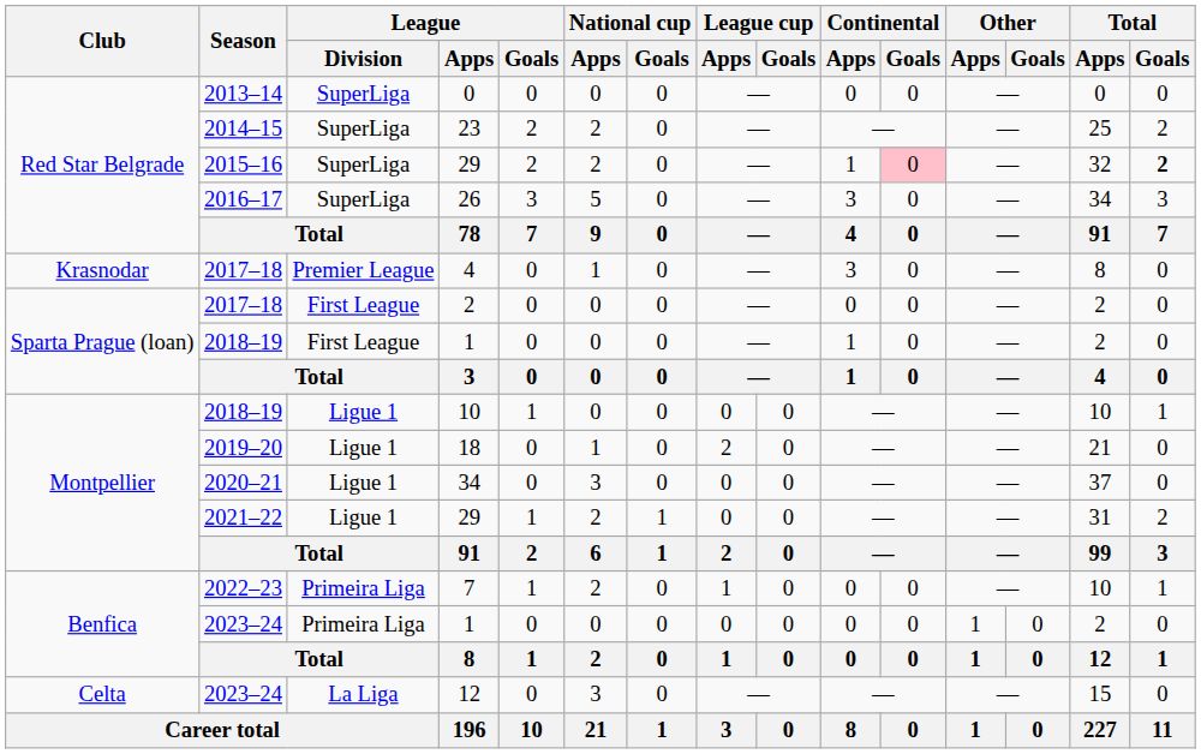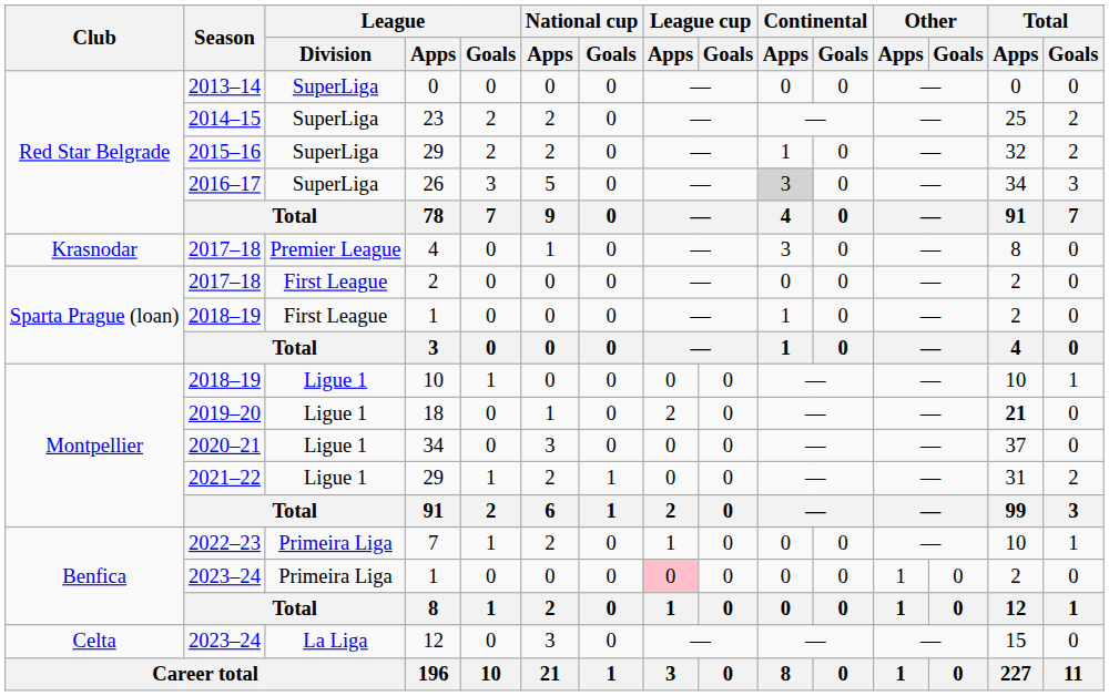 <table class="wikitable" style="text-align: center">
 <tr>
 <th rowspan="2">Club</th>
 <th rowspan="2">Season</th>
 <th colspan="3">League</th>
 <th colspan="2">National cup</th>
 <th colspan="2">League cup</th>
 <th colspan="2">Continental</th>
 <th colspan="2">Other</th>
 <th colspan="2">Total</th>
 </tr>
 <tr>
 <th>Division</th>
 <th>Apps</th>
 <th>Goals</th>
 <th>Apps</th>
 <th>Goals</th>
 <th>Apps</th>
 <th>Goals</th>
 <th>Apps</th>
 <th>Goals</th>
 <th>Apps</th>
 <th>Goals</th>
 <th>Apps</th>
 <th>Goals</th>
 </tr>
 <tr>
 <td rowspan="5"><a href='#'>Red Star Belgrade</a></td>
 <td><a href='#'>2013–14</a></td>
 <td><a href='#'>SuperLiga</a></td>
 <td>0</td>
 <td>0</td>
 <td>0</td>
 <td>0</td>
 <td colspan="2">—</td>
 <td>0</td>
 <td>0</td>
 <td colspan="2">—</td>
 <td>0</td>
 <td>0</td>
 </tr>
 <tr>
 <td><a href='#'>2014–15</a></td>
 <td>SuperLiga</td>
 <td>23</td>
 <td>2</td>
 <td>2</td>
 <td>0</td>
 <td colspan="2">—</td>
 <td colspan="2">—</td>
 <td colspan="2">—</td>
 <td>25</td>
 <td>2</td>
 </tr>
 <tr>
 <td><a href='#'>2015–16</a></td>
 <td>SuperLiga</td>
 <td>29</td>
 <td>2</td>
 <td>2</td>
 <td>0</td>
 <td colspan="2">—</td>
 <td>1</td>
-<td style="background: pink;">0</td>
+<td>0</td>
 <td colspan="2">—</td>
 <td>32</td>
-<td><strong>2</strong></td>
+<td>2</td>
 </tr>
 <tr>
 <td><a href='#'>2016–17</a></td>
 <td>SuperLiga</td>
 <td>26</td>
 <td>3</td>
 <td>5</td>
 <td>0</td>
 <td colspan="2">—</td>
-<td>3</td>
+<td style="background: lightgrey;">3</td>
 <td>0</td>
 <td colspan="2">—</td>
 <td>34</td>
 <td>3</td>
 </tr>
 <tr>
 <th colspan="2">Total</th>
 <th>78</th>
 <th>7</th>
 <th>9</th>
 <th>0</th>
 <th colspan="2">—</th>
 <th>4</th>
 <th>0</th>
 <th colspan="2">—</th>
 <th>91</th>
 <th>7</th>
 </tr>
 <tr>
 <td><a href='#'>Krasnodar</a></td>
 <td><a href='#'>2017–18</a></td>
 <td><a href='#'>Premier League</a></td>
 <td>4</td>
 <td>0</td>
 <td>1</td>
 <td>0</td>
 <td colspan="2">—</td>
 <td>3</td>
 <td>0</td>
 <td colspan="2">—</td>
 <td>8</td>
 <td>0</td>
 </tr>
 <tr>
 <td rowspan="3"><a href='#'>Sparta Prague</a> (loan)</td>
 <td><a href='#'>2017–18</a></td>
 <td><a href='#'>First League</a></td>
 <td>2</td>
 <td>0</td>
 <td>0</td>
 <td>0</td>
 <td colspan="2">—</td>
 <td>0</td>
 <td>0</td>
 <td colspan="2">—</td>
 <td>2</td>
 <td>0</td>
 </tr>
 <tr>
 <td><a href='#'>2018–19</a></td>
 <td>First League</td>
 <td>1</td>
 <td>0</td>
 <td>0</td>
 <td>0</td>
 <td colspan="2">—</td>
 <td>1</td>
 <td>0</td>
 <td colspan="2">—</td>
 <td>2</td>
 <td>0</td>
 </tr>
 <tr>
 <th colspan="2">Total</th>
 <th>3</th>
 <th>0</th>
 <th>0</th>
 <th>0</th>
 <th colspan="2">—</th>
 <th>1</th>
 <th>0</th>
 <th colspan="2">—</th>
 <th>4</th>
 <th>0</th>
 </tr>
 <tr>
 <td rowspan="5"><a href='#'>Montpellier</a></td>
 <td><a href='#'>2018–19</a></td>
 <td><a href='#'>Ligue 1</a></td>
 <td>10</td>
 <td>1</td>
 <td>0</td>
 <td>0</td>
 <td>0</td>
 <td>0</td>
 <td colspan="2">—</td>
 <td colspan="2">—</td>
 <td>10</td>
 <td>1</td>
 </tr>
 <tr>
 <td><a href='#'>2019–20</a></td>
 <td>Ligue 1</td>
 <td>18</td>
 <td>0</td>
 <td>1</td>
 <td>0</td>
 <td>2</td>
 <td>0</td>
 <td colspan="2">—</td>
 <td colspan="2">—</td>
-<td>21</td>
+<td><strong>21</strong></td>
 <td>0</td>
 </tr>
 <tr>
 <td><a href='#'>2020–21</a></td>
 <td>Ligue 1</td>
 <td>34</td>
 <td>0</td>
 <td>3</td>
 <td>0</td>
 <td>0</td>
 <td>0</td>
 <td colspan="2">—</td>
 <td colspan="2">—</td>
 <td>37</td>
 <td>0</td>
 </tr>
 <tr>
 <td><a href='#'>2021–22</a></td>
 <td>Ligue 1</td>
 <td>29</td>
 <td>1</td>
 <td>2</td>
 <td>1</td>
 <td>0</td>
 <td>0</td>
 <td colspan="2">—</td>
 <td colspan="2">—</td>
 <td>31</td>
 <td>2</td>
 </tr>
 <tr>
 <th colspan="2">Total</th>
 <th>91</th>
 <th>2</th>
 <th>6</th>
 <th>1</th>
 <th>2</th>
 <th>0</th>
 <th colspan="2">—</th>
 <th colspan="2">—</th>
 <th>99</th>
 <th>3</th>
 </tr>
 <tr>
 <td rowspan="3"><a href='#'>Benfica</a></td>
 <td><a href='#'>2022–23</a></td>
 <td rowspan="1"><a href='#'>Primeira Liga</a></td>
 <td>7</td>
 <td>1</td>
 <td>2</td>
 <td>0</td>
 <td>1</td>
 <td>0</td>
 <td>0</td>
 <td>0</td>
 <td colspan="2">—</td>
 <td>10</td>
 <td>1</td>
 </tr>
 <tr>
 <td><a href='#'>2023–24</a></td>
 <td rowspan="1">Primeira Liga</td>
 <td>1</td>
 <td>0</td>
 <td>0</td>
 <td>0</td>
-<td>0</td>
+<td style="background: pink;">0</td>
 <td>0</td>
 <td>0</td>
 <td>0</td>
 <td>1</td>
 <td>0</td>
 <td>2</td>
 <td>0</td>
 </tr>
 <tr>
 <th colspan="2">Total</th>
 <th>8</th>
 <th>1</th>
 <th>2</th>
 <th>0</th>
 <th>1</th>
 <th>0</th>
 <th>0</th>
 <th>0</th>
 <th>1</th>
 <th>0</th>
 <th>12</th>
 <th>1</th>
 </tr>
 <tr>
 <td><a href='#'>Celta</a></td>
 <td><a href='#'>2023–24</a></td>
 <td><a href='#'>La Liga</a></td>
 <td>12</td>
 <td>0</td>
 <td>3</td>
 <td>0</td>
 <td colspan="2">—</td>
 <td colspan="2">—</td>
 <td colspan="2">—</td>
 <td>15</td>
 <td>0</td>
 </tr>
 <tr>
 <th colspan="3">Career total</th>
 <th>196</th>
 <th>10</th>
 <th>21</th>
 <th>1</th>
 <th>3</th>
 <th>0</th>
 <th>8</th>
 <th>0</th>
 <th>1</th>
 <th>0</th>
 <th>227</th>
 <th>11</th>
 </tr>
 </table>
